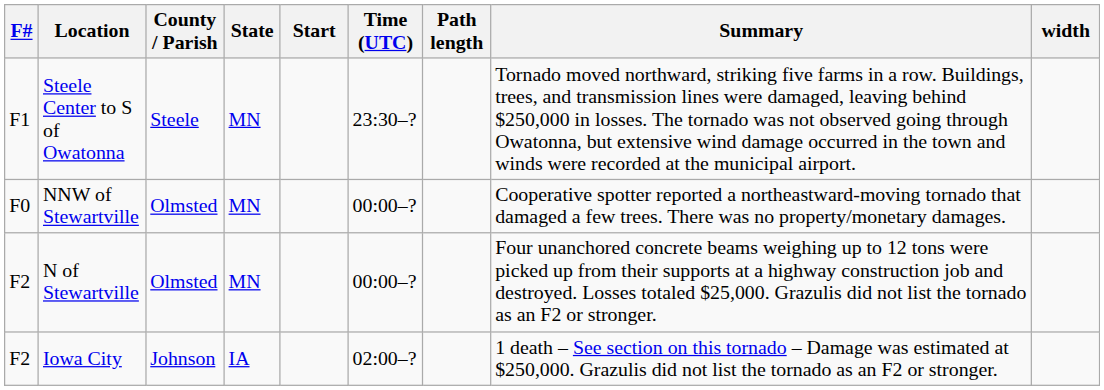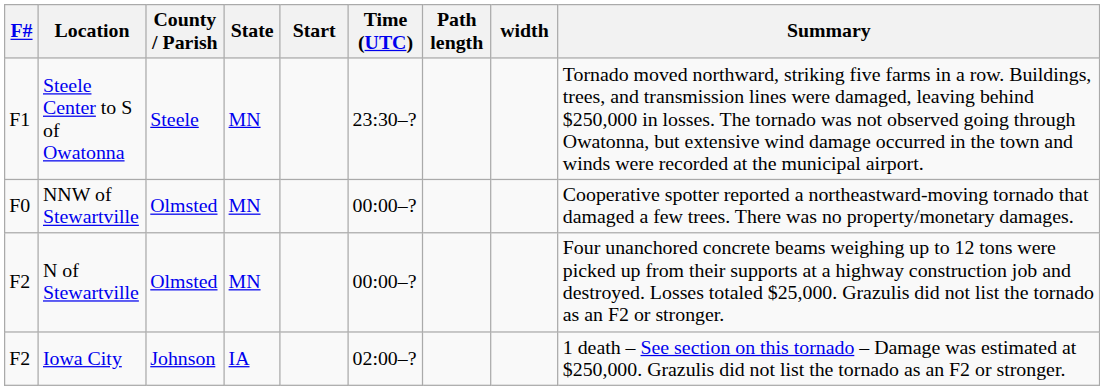 <table class="wikitable sortable" style="width:100%;">
 <tr>
 <th scope="col"  style="width:3%; text-align:center;"><a href='#'>F#</a></th>
 <th scope="col"  style="width:7%; text-align:center;" class="unsortable">Location</th>
 <th scope="col"  style="width:6%; text-align:center;" class="unsortable">County / Parish</th>
 <th scope="col"  style="width:5%; text-align:center;">State</th>
 <th scope="col"  style="width:6%; text-align:center;">Start<br></th>
 <th scope="col"  style="width:6%; text-align:center;">Time (<a href='#'>UTC</a>)</th>
 <th scope="col"  style="width:6%; text-align:center;">Path length</th>
+<th scope="col"  style="width:6%; text-align:center;"> width</th>
 <th scope="col" class="unsortable" style="width:48%; text-align:center;">Summary</th>
-<th scope="col"  style="width:6%; text-align:center;"> width</th>
 </tr>
 <tr>
 <td>F1</td>
 <td><a href='#'>Steele Center</a> to S of <a href='#'>Owatonna</a></td>
 <td><a href='#'>Steele</a></td>
 <td><a href='#'>MN</a></td>
 <td></td>
 <td>23:30–?</td>
 <td></td>
+<td></td>
 <td>Tornado moved northward, striking five farms in a row. Buildings, trees, and transmission lines were damaged, leaving behind $250,000 in losses. The tornado was not observed going through Owatonna, but extensive wind damage occurred in the town and  winds were recorded at the municipal airport.</td>
-<td></td>
 </tr>
 <tr>
 <td>F0</td>
 <td>NNW of <a href='#'>Stewartville</a></td>
 <td><a href='#'>Olmsted</a></td>
 <td><a href='#'>MN</a></td>
 <td></td>
 <td>00:00–?</td>
 <td></td>
+<td></td>
 <td>Cooperative spotter reported a northeastward-moving tornado that damaged a few trees. There was no property/monetary damages.</td>
-<td></td>
 </tr>
 <tr>
 <td>F2</td>
 <td>N of <a href='#'>Stewartville</a></td>
 <td><a href='#'>Olmsted</a></td>
 <td><a href='#'>MN</a></td>
 <td></td>
 <td>00:00–?</td>
 <td></td>
+<td></td>
 <td>Four unanchored concrete beams weighing up to 12 tons were picked up from their supports at a highway construction job and destroyed. Losses totaled $25,000. Grazulis did not list the tornado as an F2 or stronger.</td>
-<td></td>
 </tr>
 <tr>
 <td>F2</td>
 <td><a href='#'>Iowa City</a></td>
 <td><a href='#'>Johnson</a></td>
 <td><a href='#'>IA</a></td>
 <td></td>
 <td>02:00–?</td>
 <td></td>
+<td></td>
 <td>1 death – <a href='#'>See section on this tornado</a> – Damage was estimated at $250,000. Grazulis did not list the tornado as an F2 or stronger.</td>
-<td></td>
 </tr>
 </table>
